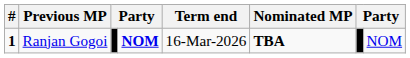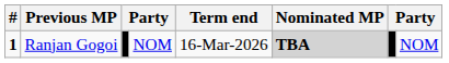 <table class="wikitable">
 <tr>
 <th>#</th>
 <th>Previous MP</th>
 <th colspan="2">Party</th>
 <th>Term end</th>
 <th>Nominated MP</th>
 <th colspan="2">Party</th>
 </tr>
 <tr>
 <td><strong>1</strong></td>
 <td><a href='#'>Ranjan Gogoi</a></td>
 <td bgcolor=#000000></td>
-<td><strong><a href='#'>NOM</a></strong></td>
+<td><a href='#'>NOM</a></td>
 <td>16-Mar-2026</td>
-<td><strong>TBA</strong></td>
+<td style="background: lightgrey;"><strong>TBA</strong></td>
 <td bgcolor=#000000></td>
 <td><a href='#'>NOM</a></td>
 </tr>
 </table>
